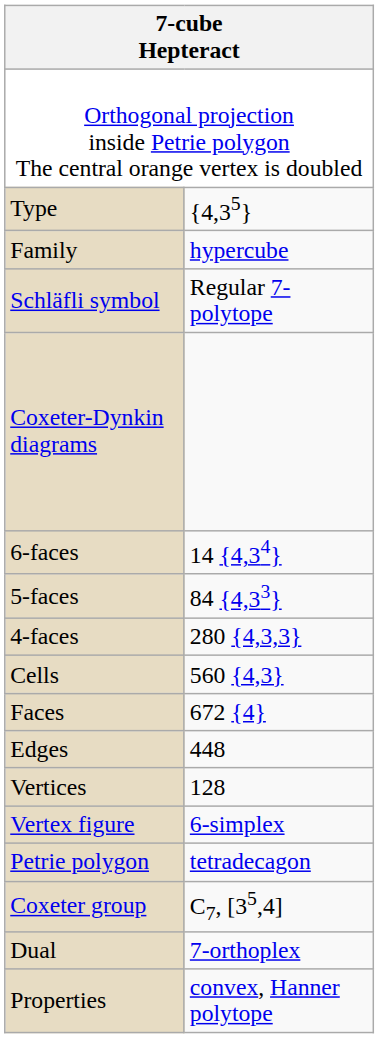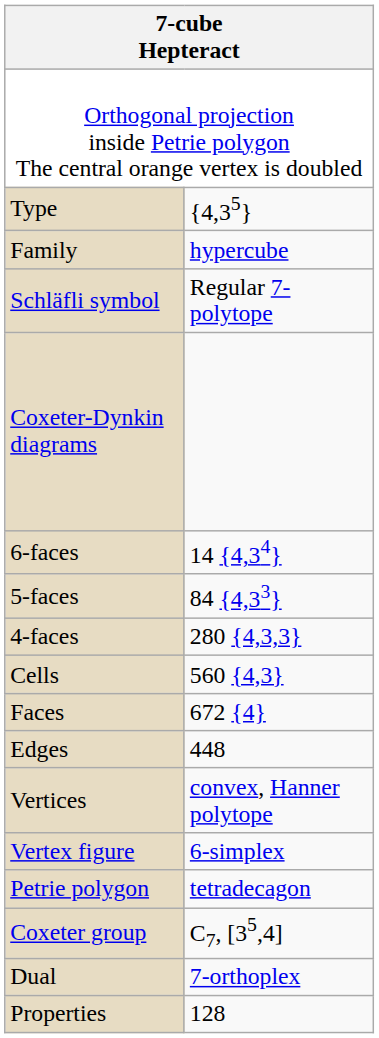 <table class="wikitable" align="right" style="margin-left:10px" width="250">
 <tr>
 <th bgcolor=#e7dcc3 colspan=2>7-cube<br>Hepteract</th>
 </tr>
 <tr>
 <td bgcolor=#ffffff align=center colspan=2><br><a href='#'>Orthogonal projection</a><br>inside <a href='#'>Petrie polygon</a><br>The central orange vertex is doubled</td>
 </tr>
 <tr>
 <td bgcolor=#e7dcc3>Type</td>
 <td>{4,3<sup>5</sup>}</td>
 </tr>
 <tr>
 <td bgcolor=#e7dcc3>Family</td>
 <td><a href='#'>hypercube</a></td>
 </tr>
 <tr>
 <td bgcolor=#e7dcc3><a href='#'>Schläfli symbol</a></td>
 <td>Regular <a href='#'>7-polytope</a></td>
 </tr>
 <tr>
 <td bgcolor=#e7dcc3><a href='#'>Coxeter-Dynkin diagrams</a></td>
 <td><br><br><br> <br> <br> <br> <br> </td>
 </tr>
 <tr>
 <td bgcolor=#e7dcc3>6-faces</td>
 <td>14 <a href='#'>{4,3<sup>4</sup>}</a> </td>
 </tr>
 <tr>
 <td bgcolor=#e7dcc3>5-faces</td>
 <td>84 <a href='#'>{4,3<sup>3</sup>}</a> </td>
 </tr>
 <tr>
 <td bgcolor=#e7dcc3>4-faces</td>
 <td>280 <a href='#'>{4,3,3}</a> </td>
 </tr>
 <tr>
 <td bgcolor=#e7dcc3>Cells</td>
 <td>560 <a href='#'>{4,3}</a> </td>
 </tr>
 <tr>
 <td bgcolor=#e7dcc3>Faces</td>
 <td>672 <a href='#'>{4}</a> </td>
 </tr>
 <tr>
 <td bgcolor=#e7dcc3>Edges</td>
 <td>448</td>
 </tr>
 <tr>
 <td bgcolor=#e7dcc3>Vertices</td>
-<td>128</td>
+<td><a href='#'>convex</a>, <a href='#'>Hanner polytope</a></td>
 </tr>
 <tr>
 <td bgcolor=#e7dcc3><a href='#'>Vertex figure</a></td>
 <td><a href='#'>6-simplex</a> </td>
 </tr>
 <tr>
 <td bgcolor=#e7dcc3><a href='#'>Petrie polygon</a></td>
 <td><a href='#'>tetradecagon</a></td>
 </tr>
 <tr>
 <td bgcolor=#e7dcc3><a href='#'>Coxeter group</a></td>
 <td>C<sub>7</sub>, [3<sup>5</sup>,4]</td>
 </tr>
 <tr>
 <td bgcolor=#e7dcc3>Dual</td>
 <td><a href='#'>7-orthoplex</a></td>
 </tr>
 <tr>
 <td bgcolor=#e7dcc3>Properties</td>
-<td><a href='#'>convex</a>, <a href='#'>Hanner polytope</a></td>
+<td>128</td>
 </tr>
 </table>
